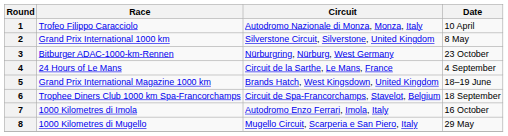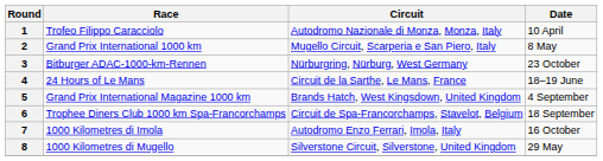 <table class="wikitable" style="font-size: 90%;">
 <tr>
 <th>Round</th>
 <th>Race</th>
 <th>Circuit</th>
 <th>Date</th>
 </tr>
 <tr>
 <th>1</th>
 <td><a href='#'>Trofeo Filippo Caracciolo</a></td>
 <td> <a href='#'>Autodromo Nazionale di Monza</a>, <a href='#'>Monza</a>, <a href='#'>Italy</a></td>
 <td>10 April</td>
 </tr>
 <tr>
 <th>2</th>
 <td><a href='#'>Grand Prix International 1000 km</a></td>
-<td> <a href='#'>Silverstone Circuit</a>, <a href='#'>Silverstone</a>, <a href='#'>United Kingdom</a></td>
+<td> <a href='#'>Mugello Circuit</a>, <a href='#'>Scarperia e San Piero</a>, <a href='#'>Italy</a></td>
 <td>8 May</td>
 </tr>
 <tr>
 <th>3</th>
 <td><a href='#'>Bitburger ADAC-1000-km-Rennen</a></td>
 <td> <a href='#'>Nürburgring</a>, <a href='#'>Nürburg</a>, <a href='#'>West Germany</a></td>
 <td>23 October</td>
 </tr>
 <tr>
 <th>4</th>
 <td><a href='#'>24 Hours of Le Mans</a></td>
 <td> <a href='#'>Circuit de la Sarthe</a>, <a href='#'>Le Mans</a>, <a href='#'>France</a></td>
-<td>4 September</td>
+<td>18–19 June</td>
 </tr>
 <tr>
 <th>5</th>
 <td><a href='#'>Grand Prix International Magazine 1000 km</a></td>
 <td> <a href='#'>Brands Hatch</a>, <a href='#'>West Kingsdown</a>, <a href='#'>United Kingdom</a></td>
-<td>18–19 June</td>
+<td>4 September</td>
 </tr>
 <tr>
 <th>6</th>
 <td><a href='#'>Trophee Diners Club 1000 km Spa-Francorchamps</a></td>
 <td> <a href='#'>Circuit de Spa-Francorchamps</a>, <a href='#'>Stavelot</a>, <a href='#'>Belgium</a></td>
 <td>18 September</td>
 </tr>
 <tr>
 <th>7</th>
 <td><a href='#'>1000 Kilometres di Imola</a></td>
 <td> <a href='#'>Autodromo Enzo Ferrari</a>, <a href='#'>Imola</a>, <a href='#'>Italy</a></td>
 <td>16 October</td>
 </tr>
 <tr>
 <th>8</th>
 <td><a href='#'>1000 Kilometres di Mugello</a></td>
-<td> <a href='#'>Mugello Circuit</a>, <a href='#'>Scarperia e San Piero</a>, <a href='#'>Italy</a></td>
+<td> <a href='#'>Silverstone Circuit</a>, <a href='#'>Silverstone</a>, <a href='#'>United Kingdom</a></td>
 <td>29 May</td>
 </tr>
 <tr>
 </tr>
 </table>
